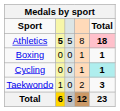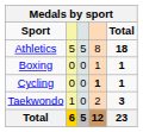 <table class="wikitable" style="font-size:85%; text-align:center;">
 <tr style="background:#efefef;">
 <th colspan=5><strong>Medals by sport</strong></th>
 </tr>
 <tr>
 <td><strong>Sport</strong></td>
 <td style="background:#f7f6a8;"></td>
 <td style="background:#dce5e5;"></td>
 <td style="background:#ffdab9;"></td>
 <td><strong>Total</strong></td>
 </tr>
 <tr>
 <td><a href='#'>Athletics</a></td>
-<td style="background:#F7F6A8;"><strong>5</strong></td>
+<td style="background:#F7F6A8;">5</td>
 <td style="background:#DCE5E5;">5</td>
 <td style="background:#FFDAB9;">8</td>
-<td style="background: pink;"><strong>18</strong></td>
+<td><strong>18</strong></td>
 </tr>
 <tr>
 <td><a href='#'>Boxing</a></td>
 <td style="background:#F7F6A8;">0</td>
 <td style="background:#DCE5E5;">0</td>
 <td style="background:#FFDAB9;">1</td>
 <td><strong>1</strong></td>
 </tr>
 <tr>
 <td><a href='#'>Cycling</a></td>
 <td style="background:#F7F6A8;">0</td>
 <td style="background:#DCE5E5;">0</td>
-<td style="background:#FFDAB9;">1</td>
-<td style="background: paleturquoise;"><strong>1</strong></td>
+<td style="background:#FFDAB9;"><strong>1</strong></td>
+<td><strong>1</strong></td>
 </tr>
 <tr>
 <td><a href='#'>Taekwondo</a></td>
 <td style="background:#F7F6A8;">1</td>
 <td style="background:#DCE5E5;">0</td>
 <td style="background:#FFDAB9;">2</td>
 <td><strong>3</strong></td>
 </tr>
 <tr>
 <th>Total</th>
 <th style="background:gold;"  >6</th>
 <th style="background:silver;">5</th>
 <th style="background:#c96;"  >12</th>
 <th>23</th>
 </tr>
 </table>
